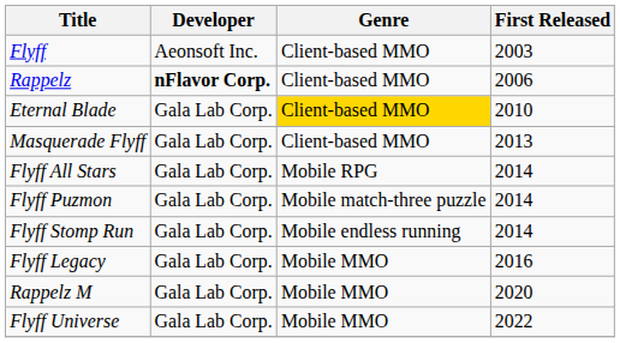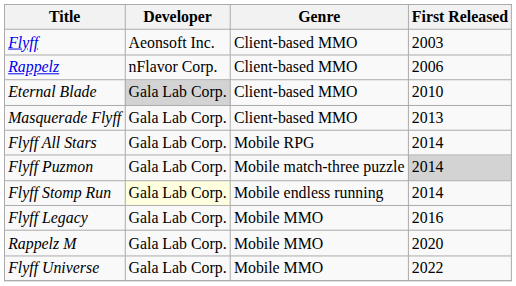 <table class="wikitable sortable">
 <tr>
 <th>Title</th>
 <th>Developer</th>
 <th>Genre</th>
 <th>First Released</th>
 </tr>
 <tr>
 <td><em><a href='#'>Flyff</a></em></td>
 <td>Aeonsoft Inc.</td>
 <td>Client-based MMO</td>
 <td>2003</td>
 </tr>
 <tr>
 <td><em><a href='#'>Rappelz</a></em></td>
-<td><strong>nFlavor Corp.</strong></td>
+<td>nFlavor Corp.</td>
 <td>Client-based MMO</td>
 <td>2006</td>
 </tr>
 <tr>
 <td><em>Eternal Blade</em></td>
-<td>Gala Lab Corp.</td>
-<td style="background: gold;">Client-based MMO</td>
+<td style="background: lightgrey;">Gala Lab Corp.</td>
+<td>Client-based MMO</td>
 <td>2010</td>
 </tr>
 <tr>
 <td><em>Masquerade Flyff</em></td>
 <td>Gala Lab Corp.</td>
 <td>Client-based MMO</td>
 <td>2013</td>
 </tr>
 <tr>
 <td><em>Flyff All Stars</em></td>
 <td>Gala Lab Corp.</td>
 <td>Mobile RPG</td>
 <td>2014</td>
 </tr>
 <tr>
 <td><em>Flyff Puzmon</em></td>
 <td>Gala Lab Corp.</td>
 <td>Mobile match-three puzzle</td>
-<td>2014</td>
+<td style="background: lightgrey;">2014</td>
 </tr>
 <tr>
 <td><em>Flyff Stomp Run</em></td>
-<td>Gala Lab Corp.</td>
+<td style="background: lightyellow;">Gala Lab Corp.</td>
 <td>Mobile endless running</td>
 <td>2014</td>
 </tr>
 <tr>
 <td><em>Flyff Legacy</em></td>
 <td>Gala Lab Corp.</td>
 <td>Mobile MMO</td>
 <td>2016</td>
 </tr>
 <tr>
 <td><em>Rappelz M</em></td>
 <td>Gala Lab Corp.</td>
 <td>Mobile MMO</td>
 <td>2020</td>
 </tr>
 <tr>
 <td><em>Flyff Universe</em></td>
 <td>Gala Lab Corp.</td>
 <td>Mobile MMO</td>
 <td>2022</td>
 </tr>
 <tr>
 </tr>
 </table>
